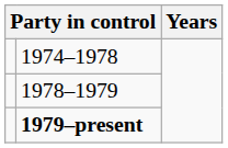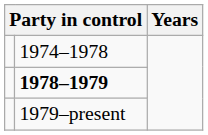 <table class="wikitable">
 <tr>
 <th colspan=2>Party in control</th>
 <th>Years</th>
 </tr>
 <tr>
 <td></td>
 <td>1974–1978</td>
 </tr>
 <tr>
 <td></td>
-<td>1978–1979</td>
+<td><strong>1978–1979</strong></td>
 </tr>
 <tr>
 <td></td>
-<td><strong>1979–present</strong></td>
+<td>1979–present</td>
 </tr>
 </table>
